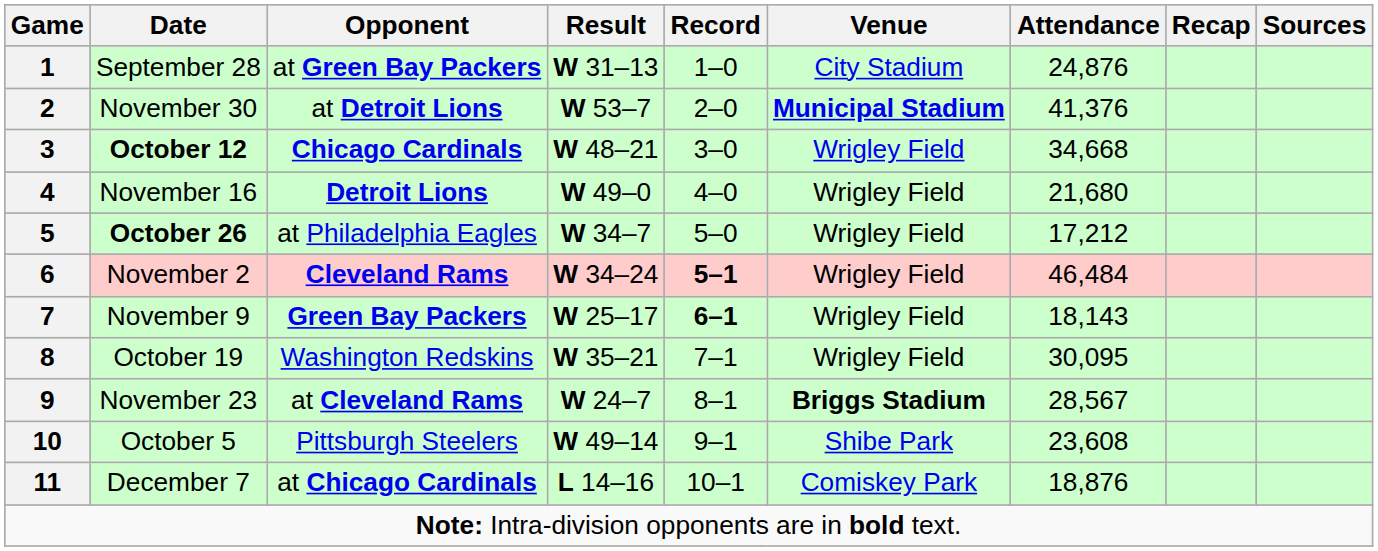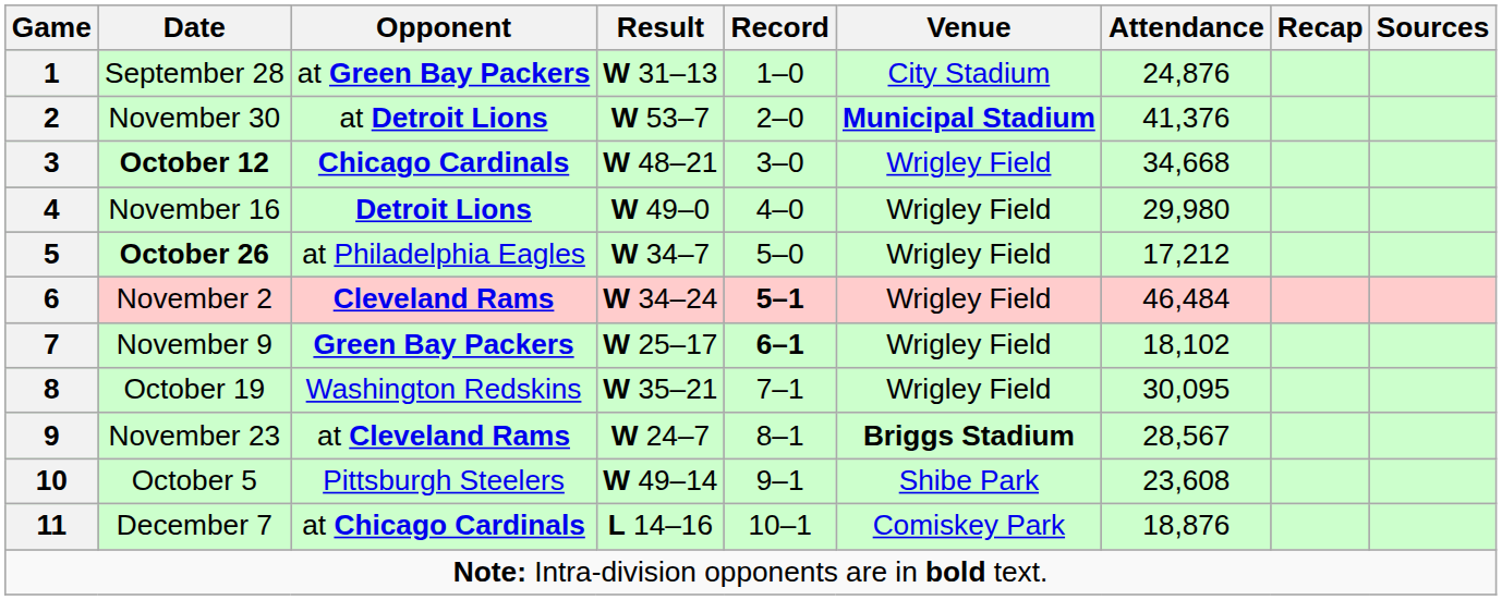 <table class="wikitable" style="text-align:center">
 <tr>
 <th>Game</th>
 <th>Date</th>
 <th>Opponent</th>
 <th>Result</th>
 <th>Record</th>
 <th>Venue</th>
 <th>Attendance</th>
 <th>Recap</th>
 <th>Sources</th>
 </tr>
 <tr style="background:#cfc">
 <th>1</th>
 <td>September 28</td>
 <td>at <strong><a href='#'>Green Bay Packers</a></strong></td>
 <td><strong>W</strong> 31–13</td>
 <td>1–0</td>
 <td><a href='#'>City Stadium</a></td>
 <td>24,876</td>
 <td></td>
 <td></td>
 </tr>
 <tr style="background:#cfc">
 <th>2</th>
 <td>November 30</td>
 <td>at <strong><a href='#'>Detroit Lions</a></strong></td>
 <td><strong>W</strong> 53–7</td>
 <td>2–0</td>
 <td><strong><a href='#'>Municipal Stadium</a></strong></td>
 <td>41,376</td>
 <td></td>
 <td></td>
 </tr>
 <tr style="background:#cfc">
 <th>3</th>
 <td><strong>October 12</strong></td>
 <td><strong><a href='#'>Chicago Cardinals</a></strong></td>
 <td><strong>W</strong> 48–21</td>
 <td>3–0</td>
 <td><a href='#'>Wrigley Field</a></td>
 <td>34,668</td>
 <td></td>
 <td></td>
 </tr>
 <tr style="background:#cfc">
 <th>4</th>
 <td>November 16</td>
 <td><strong><a href='#'>Detroit Lions</a></strong></td>
 <td><strong>W</strong> 49–0</td>
 <td>4–0</td>
 <td>Wrigley Field</td>
-<td>21,680</td>
+<td>29,980</td>
 <td></td>
 <td></td>
 </tr>
 <tr style="background:#cfc">
 <th>5</th>
 <td><strong>October 26</strong></td>
 <td>at <a href='#'>Philadelphia Eagles</a></td>
 <td><strong>W</strong> 34–7</td>
 <td>5–0</td>
 <td>Wrigley Field</td>
 <td>17,212</td>
 <td></td>
 <td></td>
 </tr>
 <tr style="background:#fcc">
 <th>6</th>
 <td>November 2</td>
 <td><strong><a href='#'>Cleveland Rams</a></strong></td>
 <td><strong>W</strong> 34–24</td>
 <td><strong>5–1</strong></td>
 <td>Wrigley Field</td>
 <td>46,484</td>
 <td></td>
 <td></td>
 </tr>
 <tr style="background:#cfc">
 <th>7</th>
 <td>November 9</td>
 <td><strong><a href='#'>Green Bay Packers</a></strong></td>
 <td><strong>W</strong> 25–17</td>
 <td><strong>6–1</strong></td>
 <td>Wrigley Field</td>
-<td>18,143</td>
+<td>18,102</td>
 <td></td>
 <td></td>
 </tr>
 <tr style="background:#cfc">
 <th>8</th>
 <td>October 19</td>
 <td><a href='#'>Washington Redskins</a></td>
 <td><strong>W</strong> 35–21</td>
 <td>7–1</td>
 <td>Wrigley Field</td>
 <td>30,095</td>
 <td></td>
 <td></td>
 </tr>
 <tr style="background:#cfc">
 <th>9</th>
 <td>November 23</td>
 <td>at <strong><a href='#'>Cleveland Rams</a></strong></td>
 <td><strong>W</strong> 24–7</td>
 <td>8–1</td>
 <td><strong>Briggs Stadium</strong></td>
 <td>28,567</td>
 <td></td>
 <td></td>
 </tr>
 <tr style="background:#cfc">
 <th>10</th>
 <td>October 5</td>
 <td><a href='#'>Pittsburgh Steelers</a></td>
 <td><strong>W</strong> 49–14</td>
 <td>9–1</td>
 <td><a href='#'>Shibe Park</a></td>
 <td>23,608</td>
 <td></td>
 <td></td>
 </tr>
 <tr style="background:#cfc">
 <th>11</th>
 <td>December 7</td>
 <td>at <strong><a href='#'>Chicago Cardinals</a></strong></td>
 <td><strong>L</strong> 14–16</td>
 <td>10–1</td>
 <td><a href='#'>Comiskey Park</a></td>
 <td>18,876</td>
 <td></td>
 <td></td>
 </tr>
 <tr>
 <td colspan="10"><strong>Note:</strong> Intra-division opponents are in <strong>bold</strong> text.</td>
 </tr>
 </table>
